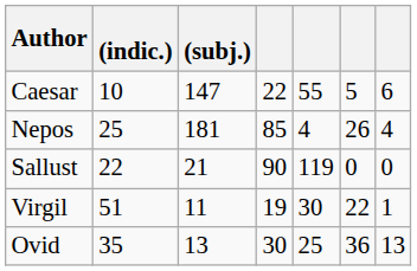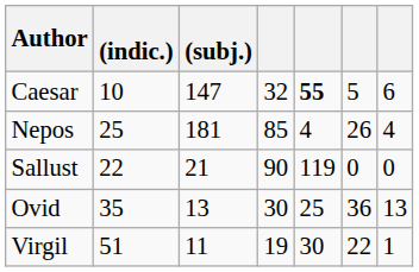 <table class="wikitable" style='text-align: center"'>
 <tr>
 <th>Author</th>
 <th><br>(indic.)</th>
 <th><br>(subj.)</th>
 <th></th>
 <th></th>
 <th></th>
 <th></th>
 </tr>
 <tr>
 <td>Caesar</td>
 <td>10</td>
 <td>147</td>
-<td>22</td>
-<td>55</td>
+<td>32</td>
+<td><strong>55</strong></td>
 <td>5</td>
 <td>6</td>
 </tr>
 <tr>
 <td>Nepos</td>
 <td>25</td>
 <td>181</td>
 <td>85</td>
 <td>4</td>
 <td>26</td>
 <td>4</td>
 </tr>
 <tr>
 <td>Sallust</td>
 <td>22</td>
 <td>21</td>
 <td>90</td>
 <td>119</td>
 <td>0</td>
 <td>0</td>
 </tr>
 <tr>
+<td>Ovid</td>
+<td>35</td>
+<td>13</td>
+<td>30</td>
+<td>25</td>
+<td>36</td>
+<td>13</td>
+</tr>
+<tr>
 <td>Virgil</td>
 <td>51</td>
 <td>11</td>
 <td>19</td>
 <td>30</td>
 <td>22</td>
 <td>1</td>
 </tr>
-<tr>
-<td>Ovid</td>
-<td>35</td>
-<td>13</td>
-<td>30</td>
-<td>25</td>
-<td>36</td>
-<td>13</td>
-</tr>
 </table>
